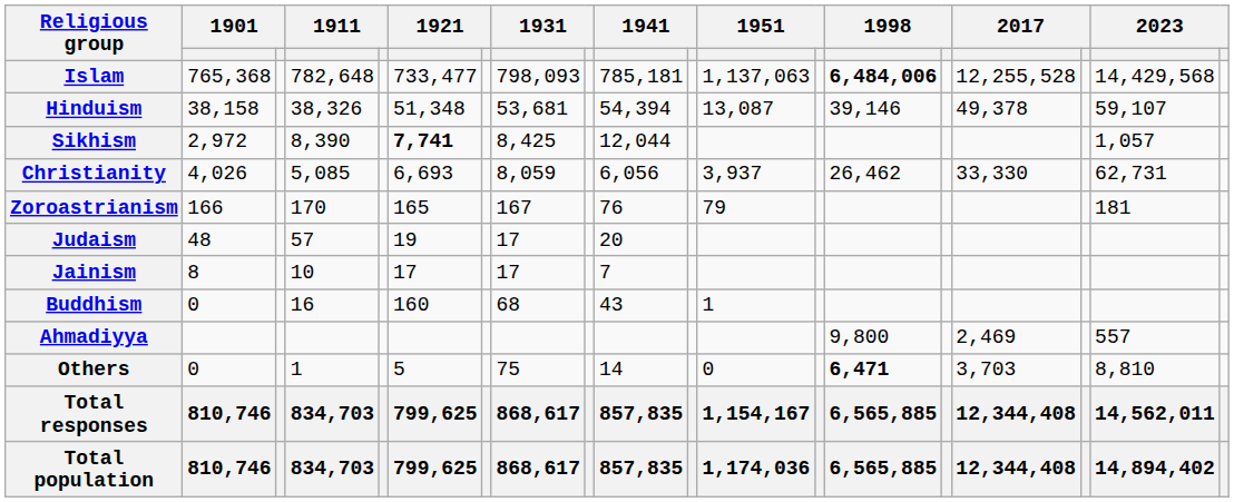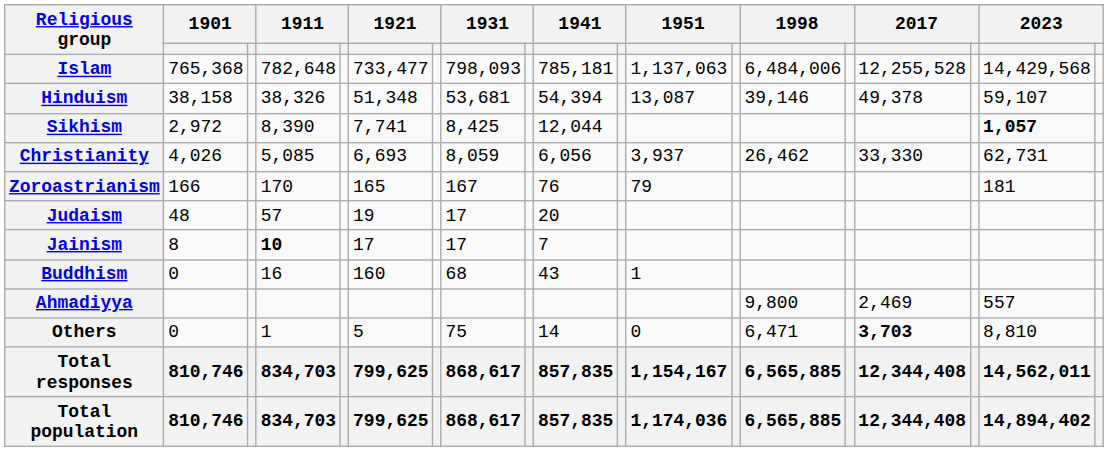 <table class="wikitable sortable">
 <tr>
 <th rowspan="2"><a href='#'>Religious</a><br>group</th>
 <th colspan="2">1901</th>
 <th colspan="2">1911</th>
 <th colspan="2">1921</th>
 <th colspan="2">1931</th>
 <th colspan="2">1941</th>
 <th colspan="2">1951</th>
 <th colspan="2">1998</th>
 <th colspan="2">2017</th>
 <th colspan="2">2023</th>
 </tr>
 <tr>
 <th><a href='#'></a></th>
 <th></th>
 <th></th>
 <th></th>
 <th></th>
 <th></th>
 <th></th>
 <th></th>
 <th></th>
 <th></th>
 <th></th>
 <th></th>
 <th></th>
 <th></th>
 <th></th>
 <th></th>
 <th></th>
 <th></th>
 </tr>
 <tr>
 <th><a href='#'>Islam</a> </th>
 <td>765,368</td>
 <td></td>
 <td>782,648</td>
 <td></td>
 <td>733,477</td>
 <td></td>
 <td>798,093</td>
 <td></td>
 <td>785,181</td>
 <td></td>
 <td>1,137,063</td>
 <td></td>
-<td><strong>6,484,006</strong></td>
+<td>6,484,006</td>
 <td></td>
 <td>12,255,528</td>
 <td></td>
 <td>14,429,568</td>
 <td></td>
 </tr>
 <tr>
 <th><a href='#'>Hinduism</a> </th>
 <td>38,158</td>
 <td></td>
 <td>38,326</td>
 <td></td>
 <td>51,348</td>
 <td></td>
 <td>53,681</td>
 <td></td>
 <td>54,394</td>
 <td></td>
 <td>13,087</td>
 <td></td>
 <td>39,146</td>
 <td></td>
 <td>49,378</td>
 <td></td>
 <td>59,107</td>
 <td></td>
 </tr>
 <tr>
 <th><a href='#'>Sikhism</a> </th>
 <td>2,972</td>
 <td></td>
 <td>8,390</td>
 <td></td>
-<td><strong>7,741</strong></td>
+<td>7,741</td>
 <td></td>
 <td>8,425</td>
 <td></td>
 <td>12,044</td>
 <td></td>
 <td></td>
 <td></td>
 <td></td>
 <td></td>
 <td></td>
 <td></td>
-<td>1,057</td>
+<td><strong>1,057</strong></td>
 <td></td>
 </tr>
 <tr>
 <th><a href='#'>Christianity</a> </th>
 <td>4,026</td>
 <td></td>
 <td>5,085</td>
 <td></td>
 <td>6,693</td>
 <td></td>
 <td>8,059</td>
 <td></td>
 <td>6,056</td>
 <td></td>
 <td>3,937</td>
 <td></td>
 <td>26,462</td>
 <td></td>
 <td>33,330</td>
 <td></td>
 <td>62,731</td>
 <td></td>
 </tr>
 <tr>
 <th><a href='#'>Zoroastrianism</a> </th>
 <td>166</td>
 <td></td>
 <td>170</td>
 <td></td>
 <td>165</td>
 <td></td>
 <td>167</td>
 <td></td>
 <td>76</td>
 <td></td>
 <td>79</td>
 <td></td>
 <td></td>
 <td></td>
 <td></td>
 <td></td>
 <td>181</td>
 <td></td>
 </tr>
 <tr>
 <th><a href='#'>Judaism</a> </th>
 <td>48</td>
 <td></td>
 <td>57</td>
 <td></td>
 <td>19</td>
 <td></td>
 <td>17</td>
 <td></td>
 <td>20</td>
 <td></td>
 <td></td>
 <td></td>
 <td></td>
 <td></td>
 <td></td>
 <td></td>
 <td></td>
 <td></td>
 </tr>
 <tr>
 <th><a href='#'>Jainism</a> </th>
 <td>8</td>
 <td></td>
-<td>10</td>
+<td><strong>10</strong></td>
 <td></td>
 <td>17</td>
 <td></td>
 <td>17</td>
 <td></td>
 <td>7</td>
 <td></td>
 <td></td>
 <td></td>
 <td></td>
 <td></td>
 <td></td>
 <td></td>
 <td></td>
 <td></td>
 </tr>
 <tr>
 <th><a href='#'>Buddhism</a> </th>
 <td>0</td>
 <td></td>
 <td>16</td>
 <td></td>
 <td>160</td>
 <td></td>
 <td>68</td>
 <td></td>
 <td>43</td>
 <td></td>
 <td>1</td>
 <td></td>
 <td></td>
 <td></td>
 <td></td>
 <td></td>
 <td></td>
 <td></td>
 </tr>
 <tr>
 <th><a href='#'>Ahmadiyya</a> </th>
 <td></td>
 <td></td>
 <td></td>
 <td></td>
 <td></td>
 <td></td>
 <td></td>
 <td></td>
 <td></td>
 <td></td>
 <td></td>
 <td></td>
 <td>9,800</td>
 <td></td>
 <td>2,469</td>
 <td></td>
 <td>557</td>
 <td></td>
 </tr>
 <tr>
 <th>Others</th>
 <td>0</td>
 <td></td>
 <td>1</td>
 <td></td>
 <td>5</td>
 <td></td>
 <td>75</td>
 <td></td>
 <td>14</td>
 <td></td>
 <td>0</td>
 <td></td>
-<td><strong>6,471</strong></td>
+<td>6,471</td>
 <td></td>
-<td>3,703</td>
+<td><strong>3,703</strong></td>
 <td></td>
 <td>8,810</td>
 <td></td>
 </tr>
 <tr class="sortbottom">
 <th>Total responses</th>
 <th>810,746</th>
 <th></th>
 <th>834,703</th>
 <th></th>
 <th>799,625</th>
 <th></th>
 <th>868,617</th>
 <th></th>
 <th>857,835</th>
 <th></th>
 <th>1,154,167</th>
 <th></th>
 <th>6,565,885</th>
 <th></th>
 <th>12,344,408</th>
 <th></th>
 <th>14,562,011</th>
 <th></th>
 </tr>
 <tr class="sortbottom">
 <th>Total population</th>
 <th>810,746</th>
 <th></th>
 <th>834,703</th>
 <th></th>
 <th>799,625</th>
 <th></th>
 <th>868,617</th>
 <th></th>
 <th>857,835</th>
 <th></th>
 <th>1,174,036</th>
 <th></th>
 <th>6,565,885</th>
 <th></th>
 <th>12,344,408</th>
 <th></th>
 <th>14,894,402</th>
 <th></th>
 </tr>
 </table>
